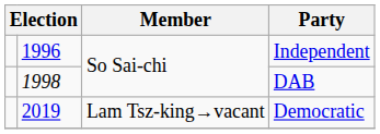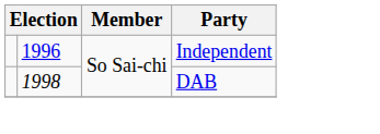 <table class="wikitable">
 <tr>
 <th colspan="2">Election</th>
 <th>Member</th>
 <th>Party</th>
 </tr>
 <tr>
 <td style="background-color: "></td>
 <td><a href='#'>1996</a></td>
 <td rowspan=2>So Sai-chi</td>
 <td><a href='#'>Independent</a></td>
 </tr>
 <tr>
 <td style="background-color: "></td>
 <td><em>1998</em></td>
 <td><a href='#'>DAB</a></td>
 </tr>
 <tr>
-<td style="background-color: "></td>
-<td><a href='#'>2019</a></td>
-<td>Lam Tsz-king→vacant</td>
-<td><a href='#'>Democratic</a></td>
-</tr>
-<tr>
 </tr>
 </table>
